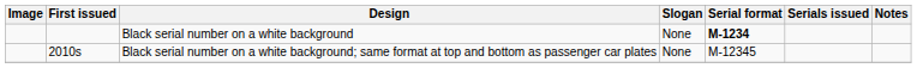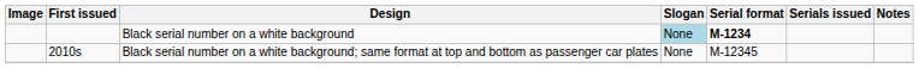 <table class="wikitable">
 <tr>
 <th>Image</th>
 <th>First issued</th>
 <th>Design</th>
 <th>Slogan</th>
 <th>Serial format</th>
 <th>Serials issued</th>
 <th>Notes</th>
 </tr>
 <tr>
 <td></td>
 <td></td>
 <td>Black serial number on a white background</td>
-<td>None</td>
+<td style="background: lightblue;">None</td>
 <td><strong>M-1234</strong></td>
 <td></td>
 <td></td>
 </tr>
 <tr>
 <td></td>
 <td>2010s</td>
 <td>Black serial number on a white background; same format at top and bottom as passenger car plates</td>
 <td>None</td>
 <td>M-12345</td>
 <td></td>
 <td></td>
 </tr>
 <tr>
 </tr>
 </table>
